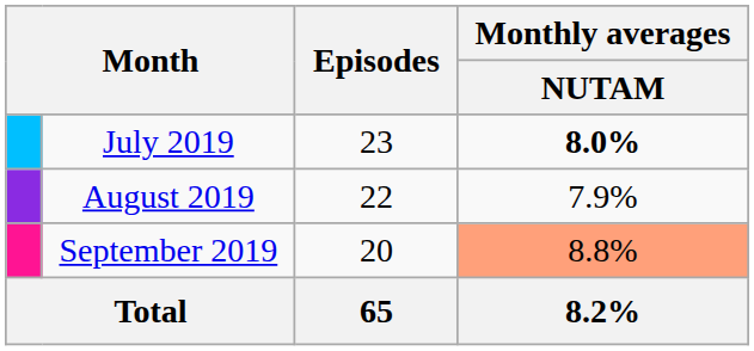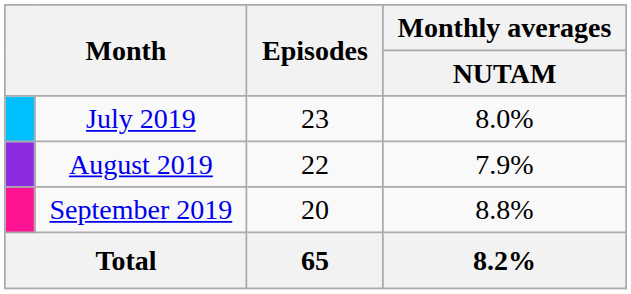 <table class="wikitable plainrowheaders" style="text-align: center; line-height:25px;">
 <tr class="wikitable" style="text-align: center;">
 <th colspan="2" rowspan="2" style="padding: 0 8px;">Month</th>
 <th rowspan="2" style="padding: 0 8px;">Episodes</th>
 <th colspan="2" style="padding: 0 8px;">Monthly averages</th>
 </tr>
 <tr>
 <th style="padding: 0 8px;">NUTAM</th>
 </tr>
 <tr>
 <td style="padding: 0 8px; background:#00BFFF;"></td>
 <td style="padding: 0 8px;" '><a href='#'>July 2019</a></td>
 <td style="padding: 0 8px;">23</td>
-<td style="padding: 0 8px;"><strong>8.0%</strong></td>
+<td style="padding: 0 8px;">8.0%</td>
 </tr>
 <tr>
 <td style="padding: 0 8px; background:#8A2BE2;"></td>
 <td style="padding: 0 8px;" '><a href='#'>August 2019</a></td>
 <td style="padding: 0 8px;">22</td>
 <td style="padding: 0 8px;">7.9%</td>
 </tr>
 <tr>
 <td style="padding: 0 8px; background:#FF1493;"></td>
 <td style="padding: 0 8px;" '><a href='#'>September 2019</a></td>
 <td style="padding: 0 8px;">20</td>
-<td style="background: lightsalmon; padding: 0 8px;">8.8%</td>
+<td style="padding: 0 8px;">8.8%</td>
 </tr>
 <tr>
 <th colspan="2">Total</th>
 <th colspan="1">65</th>
 <th colspan="2">8.2%</th>
 </tr>
 </table>
